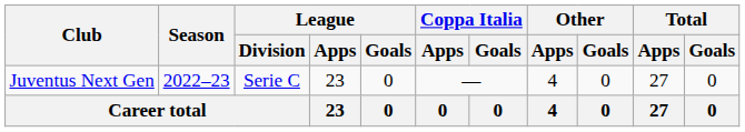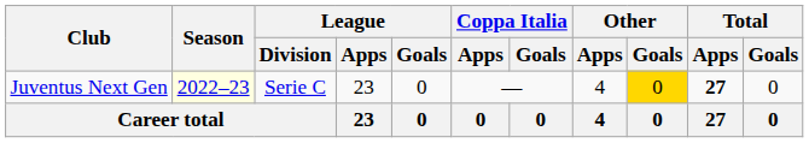 <table class="wikitable" style="text-align:center">
 <tr>
 <th rowspan="2">Club</th>
 <th rowspan="2">Season</th>
 <th colspan="3">League</th>
 <th colspan="2"><a href='#'>Coppa Italia</a></th>
 <th colspan="2">Other</th>
 <th colspan="2">Total</th>
 </tr>
 <tr>
 <th>Division</th>
 <th>Apps</th>
 <th>Goals</th>
 <th>Apps</th>
 <th>Goals</th>
 <th>Apps</th>
 <th>Goals</th>
 <th>Apps</th>
 <th>Goals</th>
 </tr>
 <tr>
 <td><a href='#'>Juventus Next Gen</a></td>
-<td><a href='#'>2022–23</a></td>
+<td style="background: lightyellow;"><a href='#'>2022–23</a></td>
 <td><a href='#'>Serie C</a></td>
 <td>23</td>
 <td>0</td>
 <td colspan="2">—</td>
 <td>4</td>
-<td>0</td>
-<td>27</td>
+<td style="background: gold;">0</td>
+<td><strong>27</strong></td>
 <td>0</td>
 </tr>
 <tr>
 <th colspan="3">Career total</th>
 <th>23</th>
 <th>0</th>
 <th>0</th>
 <th>0</th>
 <th>4</th>
 <th>0</th>
 <th>27</th>
 <th>0</th>
 </tr>
 </table>
